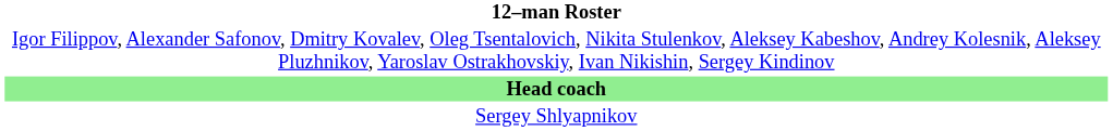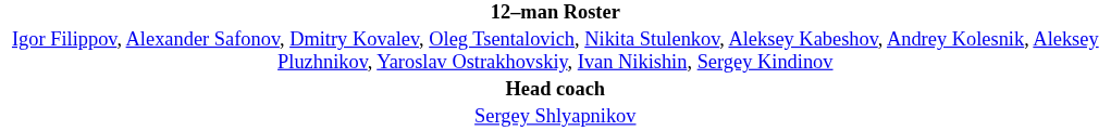 <table style="text-align: center; margin-top: 2em; margin-left: auto; margin-right: auto">
 <tr>
 <td><strong>12–man Roster</strong></td>
 </tr>
 <tr>
 <td><a href='#'>Igor Filippov</a>, <a href='#'>Alexander Safonov</a>, <a href='#'>Dmitry Kovalev</a>, <a href='#'>Oleg Tsentalovich</a>, <a href='#'>Nikita Stulenkov</a>, <a href='#'>Aleksey Kabeshov</a>, <a href='#'>Andrey Kolesnik</a>, <a href='#'>Aleksey Pluzhnikov</a>, <a href='#'>Yaroslav Ostrakhovskiy</a>, <a href='#'>Ivan Nikishin</a>, <a href='#'>Sergey Kindinov</a></td>
 </tr>
 <tr>
-<td style="background: lightgreen;"><strong>Head coach</strong></td>
+<td><strong>Head coach</strong></td>
 </tr>
 <tr>
 <td><a href='#'>Sergey Shlyapnikov</a></td>
 </tr>
 </table>
